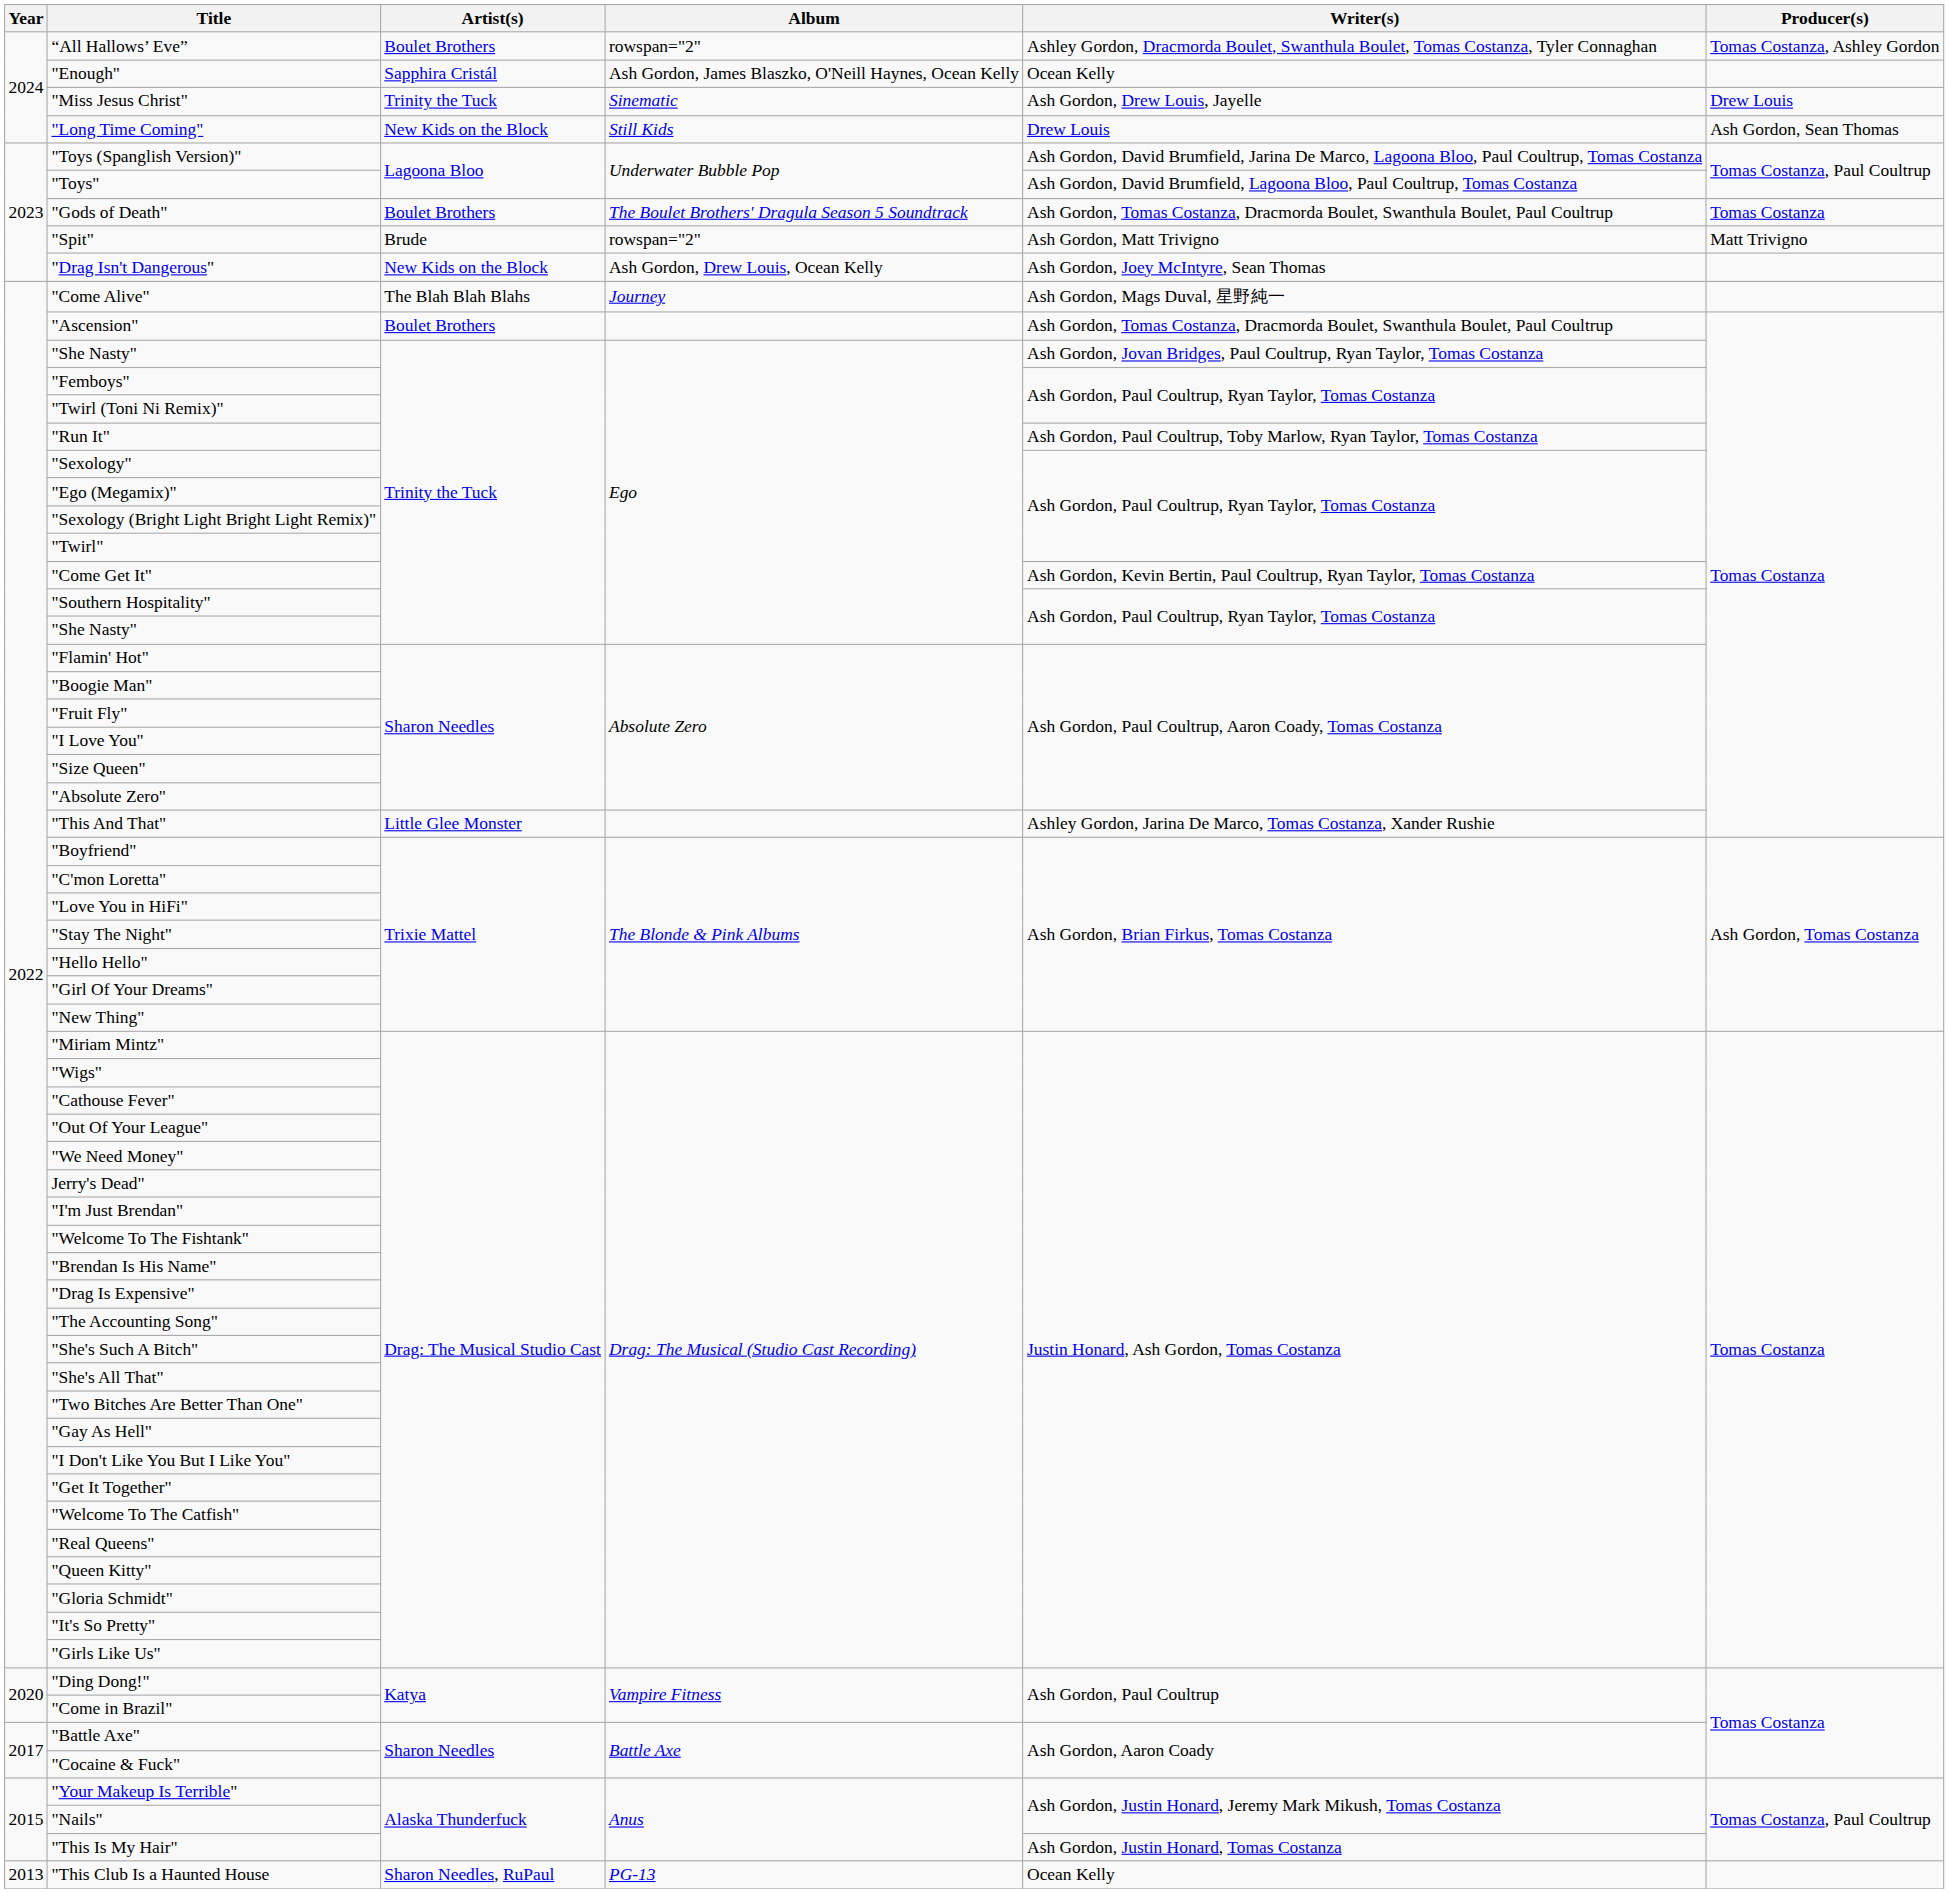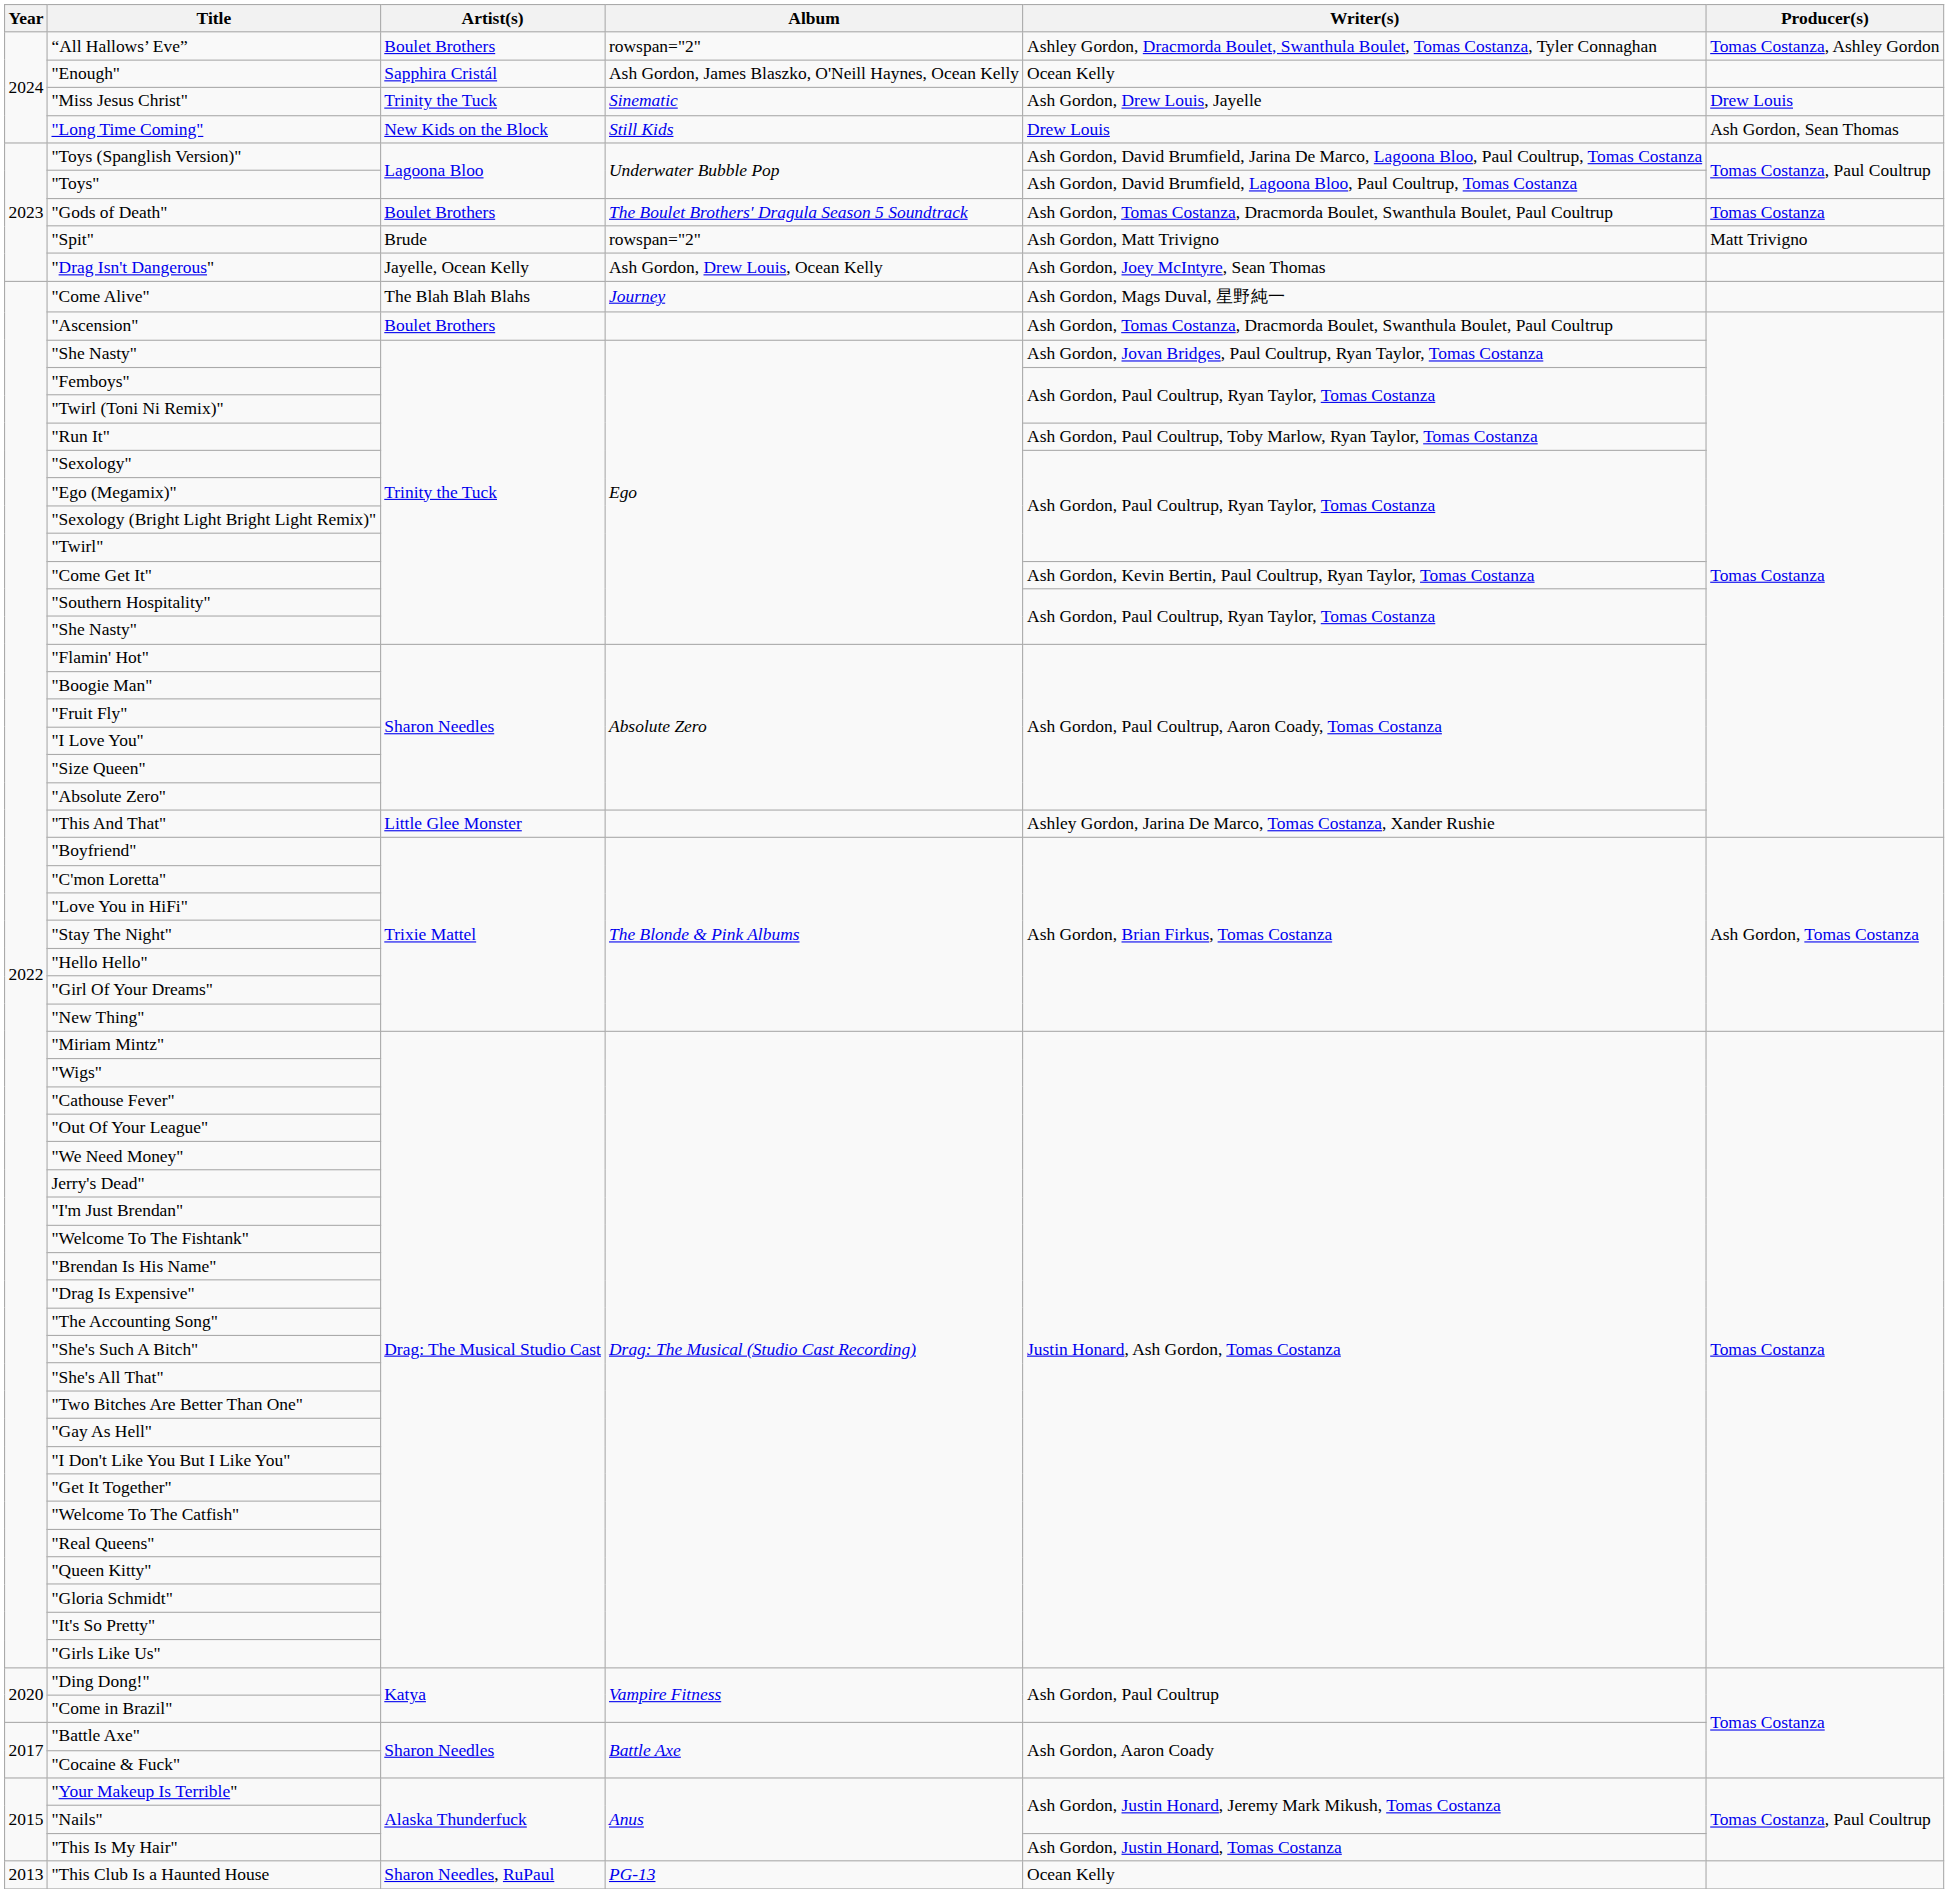 <table class="wikitable plainrowheaders" style="text-align:left;">
 <tr>
 <th>Year</th>
 <th>Title</th>
 <th>Artist(s)</th>
 <th>Album</th>
 <th>Writer(s)</th>
 <th>Producer(s)</th>
 </tr>
 <tr>
 <td rowspan="4">2024</td>
 <td>“All Hallows’ Eve”</td>
 <td><a href='#'>Boulet Brothers</a></td>
 <td>rowspan="2"</td>
 <td>Ashley Gordon, <a href='#'>Dracmorda Boulet, Swanthula Boulet</a>, <a href='#'>Tomas Costanza</a>, Tyler Connaghan</td>
 <td><a href='#'>Tomas Costanza</a>, Ashley Gordon</td>
 </tr>
 <tr>
 <td>"Enough"</td>
 <td><a href='#'>Sapphira Cristál</a></td>
 <td>Ash Gordon, James Blaszko, O'Neill Haynes, Ocean Kelly</td>
 <td>Ocean Kelly</td>
 </tr>
 <tr>
 <td>"Miss Jesus Christ"</td>
 <td><a href='#'>Trinity the Tuck</a></td>
 <td><em><a href='#'>Sinematic</a></em></td>
 <td>Ash Gordon, <a href='#'>Drew Louis</a>, Jayelle</td>
 <td><a href='#'>Drew Louis</a></td>
 </tr>
 <tr>
 <td><a href='#'>"Long Time Coming"</a></td>
 <td><a href='#'>New Kids on the Block</a></td>
 <td><em><a href='#'>Still Kids</a></em></td>
 <td><a href='#'>Drew Louis</a></td>
 <td>Ash Gordon, Sean Thomas</td>
 </tr>
 <tr>
 <td rowspan="5">2023</td>
 <td>"Toys (Spanglish Version)"</td>
 <td rowspan="2"><a href='#'>Lagoona Bloo</a></td>
 <td rowspan="2"><em>Underwater Bubble Pop</em></td>
 <td>Ash Gordon, David Brumfield, Jarina De Marco, <a href='#'>Lagoona Bloo</a>, Paul Coultrup, <a href='#'>Tomas Costanza</a></td>
 <td rowspan="2"><a href='#'>Tomas Costanza</a>, Paul Coultrup</td>
 </tr>
 <tr>
 <td>"Toys"</td>
 <td>Ash Gordon, David Brumfield, <a href='#'>Lagoona Bloo</a>, Paul Coultrup, <a href='#'>Tomas Costanza</a></td>
 </tr>
 <tr>
 <td>"Gods of Death"</td>
 <td><a href='#'>Boulet Brothers</a></td>
 <td><a href='#'><em>The Boulet Brothers' Dragula Season 5 Soundtrack</em></a></td>
 <td>Ash Gordon, <a href='#'>Tomas Costanza</a>, Dracmorda Boulet, Swanthula Boulet, Paul Coultrup</td>
 <td><a href='#'>Tomas Costanza</a></td>
 </tr>
 <tr>
 <td>"Spit"</td>
 <td>Brude</td>
 <td>rowspan="2"</td>
 <td>Ash Gordon, Matt Trivigno</td>
 <td>Matt Trivigno</td>
 </tr>
 <tr>
 <td>"<a href='#'>Drag Isn't Dangerous</a>"</td>
-<td><a href='#'>New Kids on the Block</a></td>
+<td>Jayelle, Ocean Kelly</td>
 <td>Ash Gordon, <a href='#'>Drew Louis</a>, Ocean Kelly</td>
 <td>Ash Gordon, <a href='#'>Joey McIntyre</a>, Sean Thomas</td>
 </tr>
 <tr>
 <td rowspan="50">2022</td>
 <td>"Come Alive"</td>
 <td>The Blah Blah Blahs</td>
 <td><a href='#'><em>Journey</em></a></td>
 <td>Ash Gordon, Mags Duval, 星野純一</td>
 <td></td>
 </tr>
 <tr>
 <td>"Ascension"</td>
 <td><a href='#'>Boulet Brothers</a></td>
 <td></td>
 <td>Ash Gordon, <a href='#'>Tomas Costanza</a>, Dracmorda Boulet, Swanthula Boulet, Paul Coultrup</td>
 <td rowspan="19"><a href='#'>Tomas Costanza</a></td>
 </tr>
 <tr>
 <td>"She Nasty"<br></td>
 <td rowspan="11"><a href='#'>Trinity the Tuck</a></td>
 <td rowspan="11"><em>Ego</em></td>
 <td>Ash Gordon, <a href='#'>Jovan Bridges</a>, Paul Coultrup, Ryan Taylor, <a href='#'>Tomas Costanza</a></td>
 </tr>
 <tr>
 <td>"Femboys"<br></td>
 <td rowspan="2">Ash Gordon, Paul Coultrup, Ryan Taylor, <a href='#'>Tomas Costanza</a></td>
 </tr>
 <tr>
 <td>"Twirl (Toni Ni Remix)"</td>
 </tr>
 <tr>
 <td>"Run It"<br></td>
 <td>Ash Gordon, Paul Coultrup, Toby Marlow, Ryan Taylor, <a href='#'>Tomas Costanza</a></td>
 </tr>
 <tr>
 <td>"Sexology"</td>
 <td rowspan="4">Ash Gordon, Paul Coultrup, Ryan Taylor, <a href='#'>Tomas Costanza</a></td>
 </tr>
 <tr>
 <td>"Ego (Megamix)"</td>
 </tr>
 <tr>
 <td>"Sexology (Bright Light Bright Light Remix)"</td>
 </tr>
 <tr>
 <td>"Twirl"</td>
 </tr>
 <tr>
 <td>"Come Get It"<br></td>
 <td>Ash Gordon, Kevin Bertin, Paul Coultrup, Ryan Taylor, <a href='#'>Tomas Costanza</a></td>
 </tr>
 <tr>
 <td>"Southern Hospitality"</td>
 <td rowspan="2">Ash Gordon, Paul Coultrup, Ryan Taylor, <a href='#'>Tomas Costanza</a></td>
 </tr>
 <tr>
 <td>"She Nasty"</td>
 </tr>
 <tr>
 <td>"Flamin' Hot"</td>
 <td rowspan="6"><a href='#'>Sharon Needles</a></td>
 <td rowspan="6"><em>Absolute Zero</em></td>
 <td rowspan="6">Ash Gordon, Paul Coultrup, Aaron Coady, <a href='#'>Tomas Costanza</a></td>
 </tr>
 <tr>
 <td>"Boogie Man"</td>
 </tr>
 <tr>
 <td>"Fruit Fly"</td>
 </tr>
 <tr>
 <td>"I Love You"</td>
 </tr>
 <tr>
 <td>"Size Queen"</td>
 </tr>
 <tr>
 <td>"Absolute Zero"</td>
 </tr>
 <tr>
 <td>"This And That"</td>
 <td><a href='#'>Little Glee Monster</a></td>
 <td></td>
 <td>Ashley Gordon, Jarina De Marco, <a href='#'>Tomas Costanza</a>, Xander Rushie</td>
 </tr>
 <tr>
 <td>"Boyfriend"</td>
 <td rowspan="7"><a href='#'>Trixie Mattel</a></td>
 <td rowspan="7"><em><a href='#'>The Blonde & Pink Albums</a></em></td>
 <td rowspan="7">Ash Gordon, <a href='#'>Brian Firkus</a>, <a href='#'>Tomas Costanza</a></td>
 <td rowspan="7">Ash Gordon, <a href='#'>Tomas Costanza</a></td>
 </tr>
 <tr>
 <td>"C'mon Loretta"</td>
 </tr>
 <tr>
 <td>"Love You in HiFi"</td>
 </tr>
 <tr>
 <td>"Stay The Night"</td>
 </tr>
 <tr>
 <td>"Hello Hello"</td>
 </tr>
 <tr>
 <td>"Girl Of Your Dreams"</td>
 </tr>
 <tr>
 <td>"New Thing"</td>
 </tr>
 <tr>
 <td>"Miriam Mintz"</td>
 <td rowspan="23"><a href='#'>Drag: The Musical Studio Cast</a></td>
 <td rowspan="23"><em><a href='#'>Drag: The Musical (Studio Cast Recording)</a></em></td>
 <td rowspan="23"><a href='#'>Justin Honard</a>, Ash Gordon, <a href='#'>Tomas Costanza</a></td>
 <td rowspan="23"><a href='#'>Tomas Costanza</a></td>
 </tr>
 <tr>
 <td>"Wigs"</td>
 </tr>
 <tr>
 <td>"Cathouse Fever"</td>
 </tr>
 <tr>
 <td>"Out Of Your League"</td>
 </tr>
 <tr>
 <td>"We Need Money"</td>
 </tr>
 <tr>
 <td>Jerry's Dead"</td>
 </tr>
 <tr>
 <td>"I'm Just Brendan"</td>
 </tr>
 <tr>
 <td>"Welcome To The Fishtank"</td>
 </tr>
 <tr>
 <td>"Brendan Is His Name"</td>
 </tr>
 <tr>
 <td>"Drag Is Expensive"</td>
 </tr>
 <tr>
 <td>"The Accounting Song"</td>
 </tr>
 <tr>
 <td>"She's Such A Bitch"</td>
 </tr>
 <tr>
 <td>"She's All That"</td>
 </tr>
 <tr>
 <td>"Two Bitches Are Better Than One"</td>
 </tr>
 <tr>
 <td>"Gay As Hell"</td>
 </tr>
 <tr>
 <td>"I Don't Like You But I Like You"</td>
 </tr>
 <tr>
 <td>"Get It Together"</td>
 </tr>
 <tr>
 <td>"Welcome To The Catfish"</td>
 </tr>
 <tr>
 <td>"Real Queens"</td>
 </tr>
 <tr>
 <td>"Queen Kitty"</td>
 </tr>
 <tr>
 <td>"Gloria Schmidt"</td>
 </tr>
 <tr>
 <td>"It's So Pretty"</td>
 </tr>
 <tr>
 <td>"Girls Like Us"</td>
 </tr>
 <tr>
 <td rowspan="2">2020</td>
 <td>"Ding Dong!"<br></td>
 <td rowspan="2"><a href='#'>Katya</a></td>
 <td rowspan="2"><em><a href='#'>Vampire Fitness</a></em></td>
 <td rowspan="2">Ash Gordon, Paul Coultrup</td>
 <td rowspan="4"><a href='#'>Tomas Costanza</a></td>
 </tr>
 <tr>
 <td>"Come in Brazil"<br></td>
 </tr>
 <tr>
 <td rowspan="2">2017</td>
 <td>"Battle Axe"</td>
 <td rowspan="2"><a href='#'>Sharon Needles</a></td>
 <td rowspan="2"><a href='#'><em>Battle Axe</em></a></td>
 <td rowspan="2">Ash Gordon, Aaron Coady</td>
 </tr>
 <tr>
 <td>"Cocaine & Fuck"</td>
 </tr>
 <tr>
 <td rowspan="3">2015</td>
 <td>"<a href='#'>Your Makeup Is Terrible</a>"</td>
 <td rowspan="3"><a href='#'>Alaska Thunderfuck</a></td>
 <td rowspan="3"><a href='#'><em>Anus</em></a></td>
 <td rowspan="2">Ash Gordon, <a href='#'>Justin Honard</a>, Jeremy Mark Mikush, <a href='#'>Tomas Costanza</a></td>
 <td rowspan="3"><a href='#'>Tomas Costanza</a>, Paul Coultrup</td>
 </tr>
 <tr>
 <td>"Nails"<br></td>
 </tr>
 <tr>
 <td>"This Is My Hair"</td>
 <td>Ash Gordon, <a href='#'>Justin Honard</a>, <a href='#'>Tomas Costanza</a></td>
 </tr>
 <tr>
 <td>2013</td>
 <td>"This Club Is a Haunted House<br></td>
 <td><a href='#'>Sharon Needles</a>, <a href='#'>RuPaul</a></td>
 <td><a href='#'><em>PG-13</em></a></td>
 <td>Ocean Kelly</td>
 <td></td>
 </tr>
 <tr>
 </tr>
 </table>
